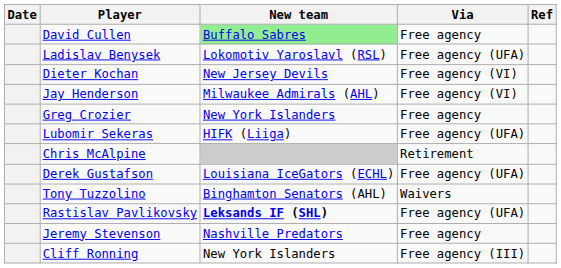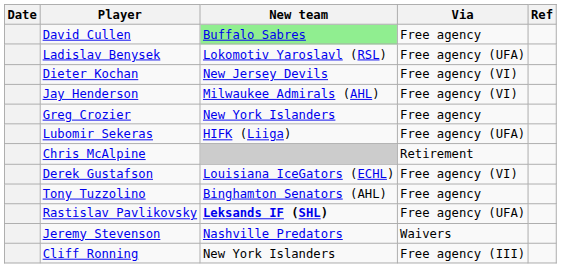 <table class="wikitable plainrowheaders">
 <tr style="background:#ddd; text-align:center;">
 <th>Date</th>
 <th>Player</th>
 <th>New team</th>
 <th>Via</th>
 <th>Ref</th>
 </tr>
 <tr>
 <th scope="row"></th>
 <td><a href='#'>David Cullen</a></td>
 <td style="background: lightgreen;"><a href='#'>Buffalo Sabres</a></td>
 <td>Free agency</td>
 <td></td>
 </tr>
 <tr>
 <th scope="row"></th>
 <td><a href='#'>Ladislav Benysek</a></td>
 <td><a href='#'>Lokomotiv Yaroslavl</a> (<a href='#'>RSL</a>)</td>
 <td>Free agency (UFA)</td>
 <td></td>
 </tr>
 <tr>
 <th scope="row"></th>
 <td><a href='#'>Dieter Kochan</a></td>
 <td><a href='#'>New Jersey Devils</a></td>
 <td>Free agency (VI)</td>
 <td></td>
 </tr>
 <tr>
 <th scope="row"></th>
 <td><a href='#'>Jay Henderson</a></td>
 <td><a href='#'>Milwaukee Admirals</a> (<a href='#'>AHL</a>)</td>
 <td>Free agency (VI)</td>
 <td></td>
 </tr>
 <tr>
 <th scope="row"></th>
 <td><a href='#'>Greg Crozier</a></td>
 <td><a href='#'>New York Islanders</a></td>
 <td>Free agency</td>
 <td></td>
 </tr>
 <tr>
 <th scope="row"></th>
 <td><a href='#'>Lubomir Sekeras</a></td>
 <td><a href='#'>HIFK</a> (<a href='#'>Liiga</a>)</td>
 <td>Free agency (UFA)</td>
 <td></td>
 </tr>
 <tr>
 <th scope="row"></th>
 <td><a href='#'>Chris McAlpine</a></td>
 <td style="background:#ccc"></td>
 <td>Retirement</td>
 <td></td>
 </tr>
 <tr>
 <th scope="row"></th>
 <td><a href='#'>Derek Gustafson</a></td>
 <td><a href='#'>Louisiana IceGators</a> (<a href='#'>ECHL</a>)</td>
-<td>Free agency (UFA)</td>
+<td>Free agency (VI)</td>
 <td></td>
 </tr>
 <tr>
 <th scope="row"></th>
 <td><a href='#'>Tony Tuzzolino</a></td>
 <td><a href='#'>Binghamton Senators</a> (AHL)</td>
-<td>Waivers</td>
+<td>Free agency</td>
 <td></td>
 </tr>
 <tr>
 <th scope="row"></th>
 <td><a href='#'>Rastislav Pavlikovsky</a></td>
 <td><strong><a href='#'>Leksands IF</a> (<a href='#'>SHL</a>)</strong></td>
 <td>Free agency (UFA)</td>
 <td></td>
 </tr>
 <tr>
 <th scope="row"></th>
 <td><a href='#'>Jeremy Stevenson</a></td>
 <td><a href='#'>Nashville Predators</a></td>
-<td>Free agency</td>
+<td>Waivers</td>
 <td></td>
 </tr>
 <tr>
 <th scope="row"></th>
 <td><a href='#'>Cliff Ronning</a></td>
 <td>New York Islanders</td>
 <td>Free agency (III)</td>
 <td></td>
 </tr>
 </table>
